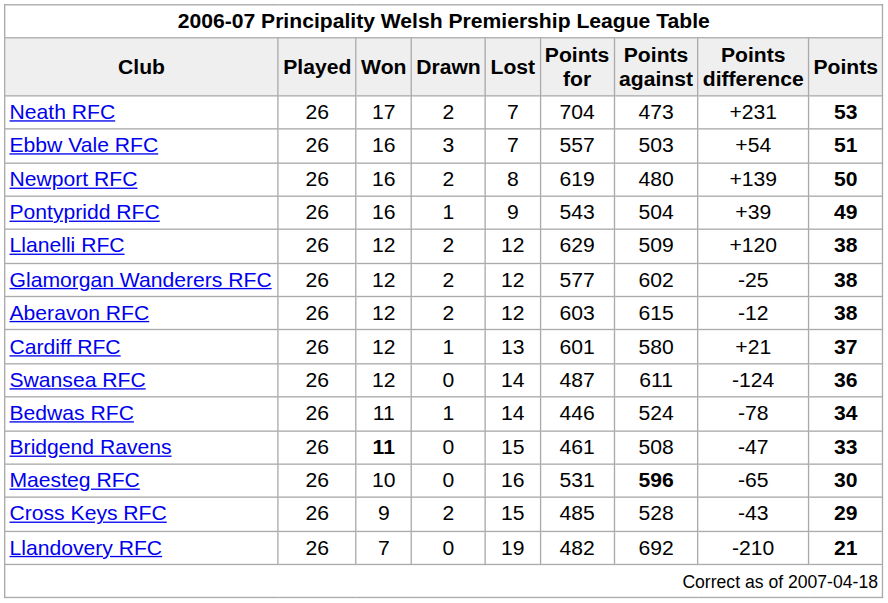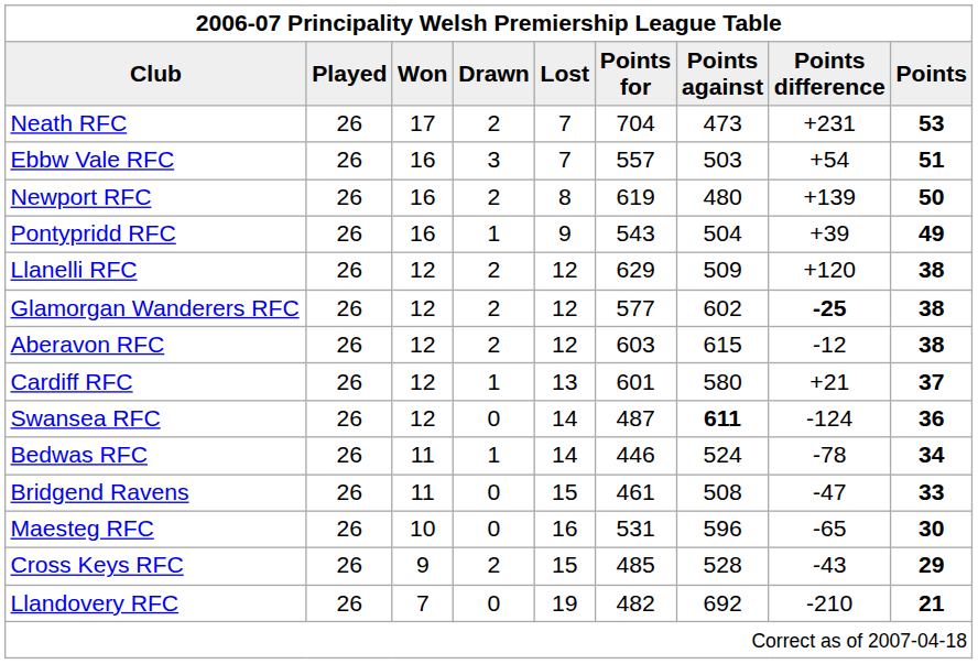 <table class="wikitable" style="float:left; margin-right:15px; text-align: center;">
 <tr>
 <td colspan="11" style="background:#fff;" cellpadding="0" cellspacing="0"><strong>2006-07 Principality Welsh Premiership League Table</strong></td>
 </tr>
 <tr>
 <th style="background:#efefef; width:200px;">Club</th>
 <th style="background:#efefef; width:20px;">Played</th>
 <th style="background:#efefef; width:20px;">Won</th>
 <th style="background:#efefef; width:20px;">Drawn</th>
 <th style="background:#efefef; width:20px;">Lost</th>
 <th style="background:#efefef; width:20px;">Points for</th>
 <th style="background:#efefef; width:20px;">Points against</th>
 <th style="background:#efefef; width:20px;">Points difference</th>
 <th style="background:#efefef; width:20px;">Points</th>
 </tr>
 <tr style="background:#fff; text-align:center;">
 <td align=left><a href='#'>Neath RFC</a></td>
 <td>26</td>
 <td>17</td>
 <td>2</td>
 <td>7</td>
 <td>704</td>
 <td>473</td>
 <td>+231</td>
 <td><strong>53</strong></td>
 </tr>
 <tr style="background:#fff; text-align:center;">
 <td align=left><a href='#'>Ebbw Vale RFC</a></td>
 <td>26</td>
 <td>16</td>
 <td>3</td>
 <td>7</td>
 <td>557</td>
 <td>503</td>
 <td>+54</td>
 <td><strong>51</strong></td>
 </tr>
 <tr style="background:#fff; text-align:center;">
 <td align=left><a href='#'>Newport RFC</a></td>
 <td>26</td>
 <td>16</td>
 <td>2</td>
 <td>8</td>
 <td>619</td>
 <td>480</td>
 <td>+139</td>
 <td><strong>50</strong></td>
 </tr>
 <tr style="background:#fff; text-align:center;">
 <td align=left><a href='#'>Pontypridd RFC</a></td>
 <td>26</td>
 <td>16</td>
 <td>1</td>
 <td>9</td>
 <td>543</td>
 <td>504</td>
 <td>+39</td>
 <td><strong>49</strong></td>
 </tr>
 <tr style="background:#fff; text-align:center;">
 <td align=left><a href='#'>Llanelli RFC</a></td>
 <td>26</td>
 <td>12</td>
 <td>2</td>
 <td>12</td>
 <td>629</td>
 <td>509</td>
 <td>+120</td>
 <td><strong>38</strong></td>
 </tr>
 <tr style="background:#fff; text-align:center;">
 <td align=left><a href='#'>Glamorgan Wanderers RFC</a></td>
 <td>26</td>
 <td>12</td>
 <td>2</td>
 <td>12</td>
 <td>577</td>
 <td>602</td>
-<td>-25</td>
+<td><strong>-25</strong></td>
 <td><strong>38</strong></td>
 </tr>
 <tr style="background:#fff; text-align:center;">
 <td align=left><a href='#'>Aberavon RFC</a></td>
 <td>26</td>
 <td>12</td>
 <td>2</td>
 <td>12</td>
 <td>603</td>
 <td>615</td>
 <td>-12</td>
 <td><strong>38</strong></td>
 </tr>
 <tr style="background:#fff; text-align:center;">
 <td align=left><a href='#'>Cardiff RFC</a></td>
 <td>26</td>
 <td>12</td>
 <td>1</td>
 <td>13</td>
 <td>601</td>
 <td>580</td>
 <td>+21</td>
 <td><strong>37</strong></td>
 </tr>
 <tr style="background:#fff; text-align:center;">
 <td align=left><a href='#'>Swansea RFC</a></td>
 <td>26</td>
 <td>12</td>
 <td>0</td>
 <td>14</td>
 <td>487</td>
-<td>611</td>
+<td><strong>611</strong></td>
 <td>-124</td>
 <td><strong>36</strong></td>
 </tr>
 <tr style="background:#fff; text-align:center;">
 <td align=left><a href='#'>Bedwas RFC</a></td>
 <td>26</td>
 <td>11</td>
 <td>1</td>
 <td>14</td>
 <td>446</td>
 <td>524</td>
 <td>-78</td>
 <td><strong>34</strong></td>
 </tr>
 <tr style="background:#fff; text-align:center;">
 <td align=left><a href='#'>Bridgend Ravens</a></td>
 <td>26</td>
-<td><strong>11</strong></td>
+<td>11</td>
 <td>0</td>
 <td>15</td>
 <td>461</td>
 <td>508</td>
 <td>-47</td>
 <td><strong>33</strong></td>
 </tr>
 <tr style="background:#fff; text-align:center;">
 <td align=left><a href='#'>Maesteg RFC</a></td>
 <td>26</td>
 <td>10</td>
 <td>0</td>
 <td>16</td>
 <td>531</td>
-<td><strong>596</strong></td>
+<td>596</td>
 <td>-65</td>
 <td><strong>30</strong></td>
 </tr>
 <tr style="background:#fff; text-align:center;">
 <td align=left><a href='#'>Cross Keys RFC</a></td>
 <td>26</td>
 <td>9</td>
 <td>2</td>
 <td>15</td>
 <td>485</td>
 <td>528</td>
 <td>-43</td>
 <td><strong>29</strong></td>
 </tr>
 <tr style="background:#fff; text-align:center;">
 <td align=left><a href='#'>Llandovery RFC</a></td>
 <td>26</td>
 <td>7</td>
 <td>0</td>
 <td>19</td>
 <td>482</td>
 <td>692</td>
 <td>-210</td>
 <td><strong>21</strong></td>
 </tr>
 <tr>
 <td colspan="10"  style="text-align:right; background:#fff;" cellpadding="0" cellspacing="0"><small>Correct as of 2007-04-18</small></td>
 </tr>
 </table>
